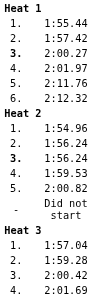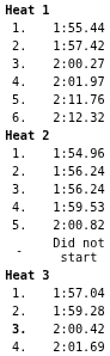 <table style="text-align:center">
 <tr>
 <td colspan=4 align=left><strong>Heat 1</strong></td>
 </tr>
 <tr>
 <td width=30>1.</td>
 <td align=left></td>
 <td width=80>1:55.44</td>
 <td></td>
 </tr>
 <tr>
 <td>2.</td>
 <td align=left></td>
 <td>1:57.42</td>
 <td></td>
 </tr>
 <tr>
-<td><strong>3.</strong></td>
+<td>3.</td>
 <td align=left></td>
 <td>2:00.27</td>
 <td></td>
 </tr>
 <tr>
 <td>4.</td>
 <td align=left></td>
 <td>2:01.97</td>
 <td></td>
 </tr>
 <tr>
 <td>5.</td>
 <td align=left></td>
 <td>2:11.76</td>
 <td></td>
 </tr>
 <tr>
 <td>6.</td>
 <td align=left></td>
 <td>2:12.32</td>
 <td></td>
 </tr>
 <tr>
 <td colspan=4 align=left><strong>Heat 2</strong></td>
 </tr>
 <tr>
 <td>1.</td>
 <td align=left></td>
 <td>1:54.96</td>
 <td></td>
 </tr>
 <tr>
 <td>2.</td>
 <td align=left></td>
 <td>1:56.24</td>
 <td></td>
 </tr>
 <tr>
-<td><strong>3.</strong></td>
+<td>3.</td>
 <td align=left></td>
 <td>1:56.24</td>
 <td></td>
 </tr>
 <tr>
 <td>4.</td>
 <td align=left></td>
 <td>1:59.53</td>
 <td></td>
 </tr>
 <tr>
 <td>5.</td>
 <td align=left></td>
 <td>2:00.82</td>
 <td></td>
 </tr>
 <tr>
 <td>-</td>
 <td align=left></td>
 <td>Did not start</td>
 <td></td>
 </tr>
 <tr>
 <td colspan=4 align=left><strong>Heat 3</strong></td>
 </tr>
 <tr>
 <td>1.</td>
 <td align=left></td>
 <td>1:57.04</td>
 <td></td>
 </tr>
 <tr>
 <td>2.</td>
 <td align=left></td>
 <td>1:59.28</td>
 <td></td>
 </tr>
 <tr>
-<td>3.</td>
+<td><strong>3.</strong></td>
 <td align=left></td>
 <td>2:00.42</td>
 <td></td>
 </tr>
 <tr>
 <td>4.</td>
 <td align=left></td>
 <td>2:01.69</td>
 <td></td>
 </tr>
 </table>
